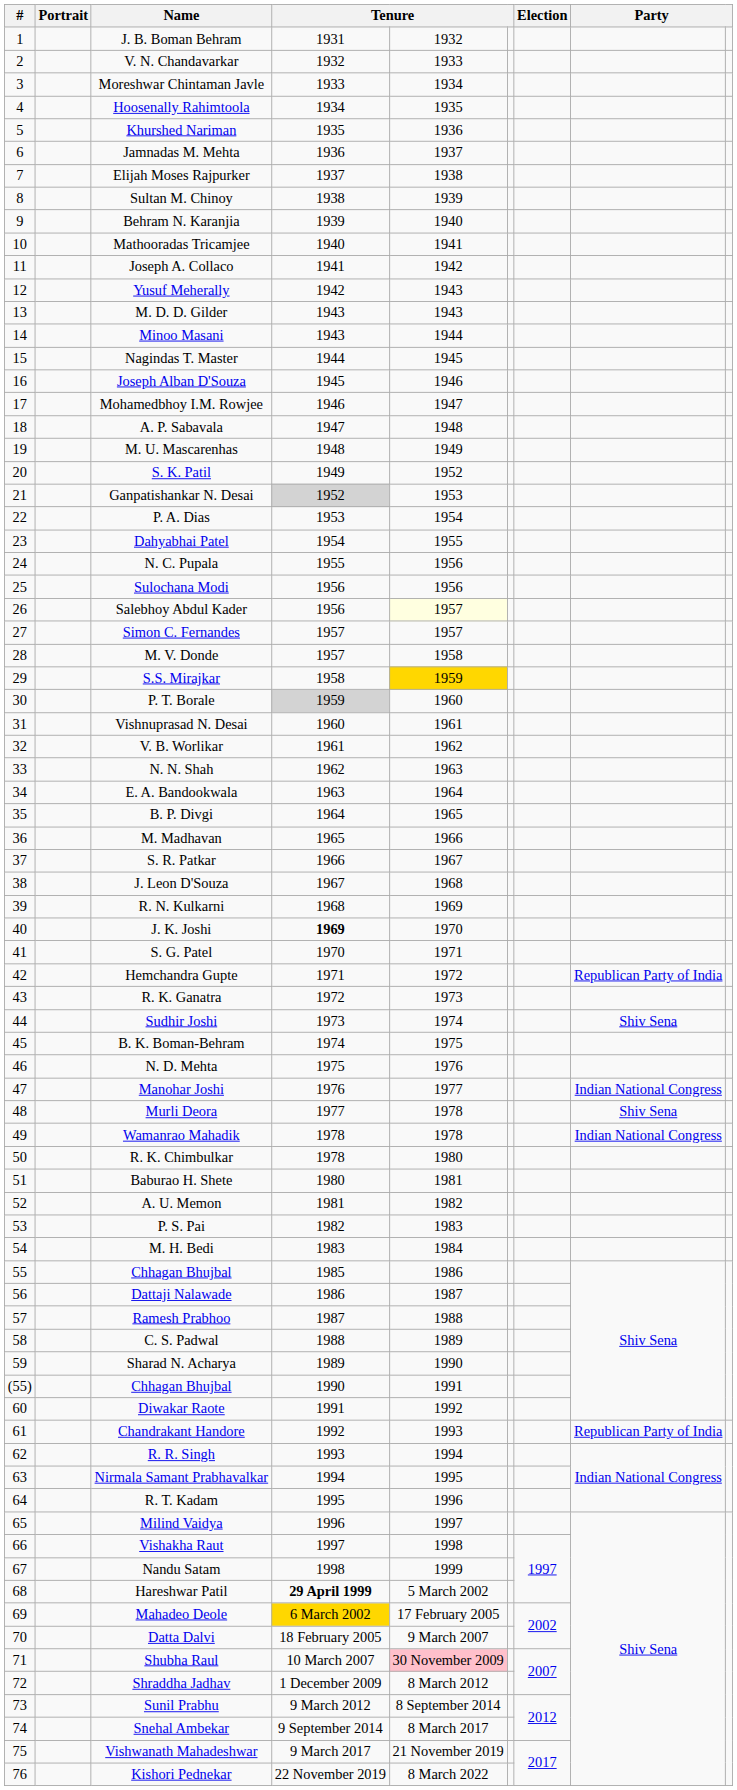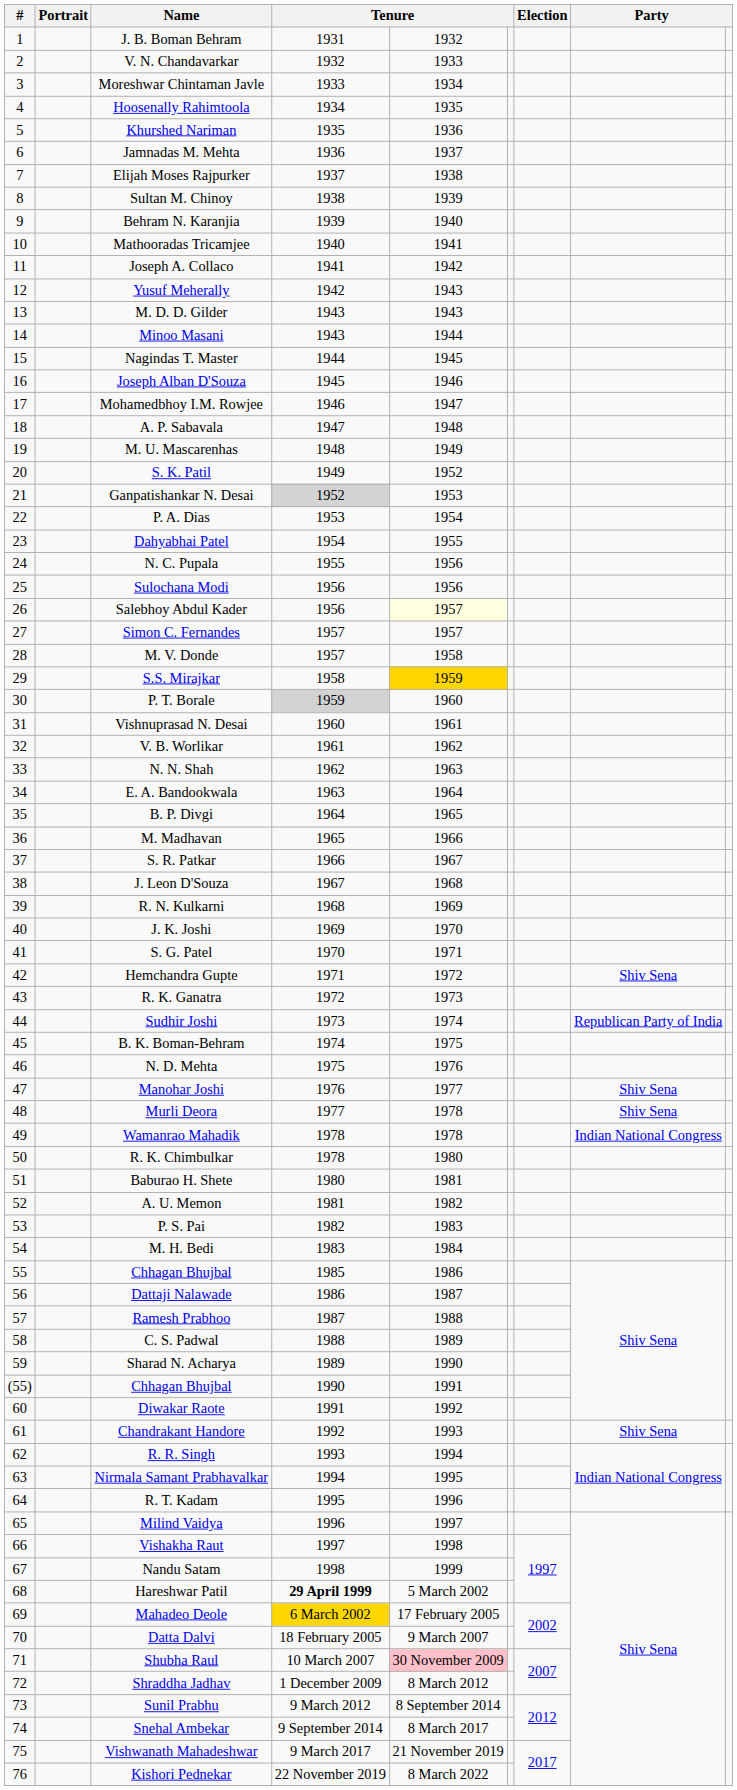 <table class="wikitable" style="text-align:center">
 <tr>
 <th>#</th>
 <th>Portrait</th>
 <th>Name</th>
 <th colspan="3">Tenure</th>
 <th>Election</th>
 <th colspan="2">Party</th>
 </tr>
 <tr>
 <td>1</td>
 <td></td>
 <td>J. B. Boman Behram</td>
 <td>1931</td>
 <td>1932</td>
 <td></td>
 <td></td>
 <td></td>
 <td></td>
 </tr>
 <tr>
 <td>2</td>
 <td></td>
 <td>V. N. Chandavarkar</td>
 <td>1932</td>
 <td>1933</td>
 <td></td>
 <td></td>
 <td></td>
 <td></td>
 </tr>
 <tr>
 <td>3</td>
 <td></td>
 <td>Moreshwar Chintaman Javle</td>
 <td>1933</td>
 <td>1934</td>
 <td></td>
 <td></td>
 <td></td>
 <td></td>
 </tr>
 <tr>
 <td>4</td>
 <td></td>
 <td><a href='#'>Hoosenally Rahimtoola</a></td>
 <td>1934</td>
 <td>1935</td>
 <td></td>
 <td></td>
 <td></td>
 <td></td>
 </tr>
 <tr>
 <td>5</td>
 <td></td>
 <td><a href='#'>Khurshed Nariman</a></td>
 <td>1935</td>
 <td>1936</td>
 <td></td>
 <td></td>
 <td></td>
 <td></td>
 </tr>
 <tr>
 <td>6</td>
 <td></td>
 <td>Jamnadas M. Mehta</td>
 <td>1936</td>
 <td>1937</td>
 <td></td>
 <td></td>
 <td></td>
 <td></td>
 </tr>
 <tr>
 <td>7</td>
 <td></td>
 <td>Elijah Moses Rajpurker</td>
 <td>1937</td>
 <td>1938</td>
 <td></td>
 <td></td>
 <td></td>
 <td></td>
 </tr>
 <tr>
 <td>8</td>
 <td></td>
 <td>Sultan M. Chinoy</td>
 <td>1938</td>
 <td>1939</td>
 <td></td>
 <td></td>
 <td></td>
 <td></td>
 </tr>
 <tr>
 <td>9</td>
 <td></td>
 <td>Behram N. Karanjia</td>
 <td>1939</td>
 <td>1940</td>
 <td></td>
 <td></td>
 <td></td>
 <td></td>
 </tr>
 <tr>
 <td>10</td>
 <td></td>
 <td>Mathooradas Tricamjee</td>
 <td>1940</td>
 <td>1941</td>
 <td></td>
 <td></td>
 <td></td>
 <td></td>
 </tr>
 <tr>
 <td>11</td>
 <td></td>
 <td>Joseph A. Collaco</td>
 <td>1941</td>
 <td>1942</td>
 <td></td>
 <td></td>
 <td></td>
 <td></td>
 </tr>
 <tr>
 <td>12</td>
 <td></td>
 <td><a href='#'>Yusuf Meherally</a></td>
 <td>1942</td>
 <td>1943</td>
 <td></td>
 <td></td>
 <td></td>
 <td></td>
 </tr>
 <tr>
 <td>13</td>
 <td></td>
 <td>M. D. D. Gilder</td>
 <td>1943</td>
 <td>1943</td>
 <td></td>
 <td></td>
 <td></td>
 <td></td>
 </tr>
 <tr>
 <td>14</td>
 <td></td>
 <td><a href='#'>Minoo Masani</a></td>
 <td>1943</td>
 <td>1944</td>
 <td></td>
 <td></td>
 <td></td>
 <td></td>
 </tr>
 <tr>
 <td>15</td>
 <td></td>
 <td>Nagindas T. Master</td>
 <td>1944</td>
 <td>1945</td>
 <td></td>
 <td></td>
 <td></td>
 <td></td>
 </tr>
 <tr>
 <td>16</td>
 <td></td>
 <td><a href='#'>Joseph Alban D'Souza</a></td>
 <td>1945</td>
 <td>1946</td>
 <td></td>
 <td></td>
 <td></td>
 <td></td>
 </tr>
 <tr>
 <td>17</td>
 <td></td>
 <td>Mohamedbhoy I.M. Rowjee</td>
 <td>1946</td>
 <td>1947</td>
 <td></td>
 <td></td>
 <td></td>
 <td></td>
 </tr>
 <tr>
 <td>18</td>
 <td></td>
 <td>A. P. Sabavala</td>
 <td>1947</td>
 <td>1948</td>
 <td></td>
 <td></td>
 <td></td>
 <td></td>
 </tr>
 <tr>
 <td>19</td>
 <td></td>
 <td>M. U. Mascarenhas</td>
 <td>1948</td>
 <td>1949</td>
 <td></td>
 <td></td>
 <td></td>
 <td></td>
 </tr>
 <tr>
 <td>20</td>
 <td></td>
 <td><a href='#'>S. K. Patil</a></td>
 <td>1949</td>
 <td>1952</td>
 <td></td>
 <td></td>
 <td></td>
 <td></td>
 </tr>
 <tr>
 <td>21</td>
 <td></td>
 <td>Ganpatishankar N. Desai</td>
 <td style="background: lightgrey;">1952</td>
 <td>1953</td>
 <td></td>
 <td></td>
 <td></td>
 <td></td>
 </tr>
 <tr>
 <td>22</td>
 <td></td>
 <td>P. A. Dias</td>
 <td>1953</td>
 <td>1954</td>
 <td></td>
 <td></td>
 <td></td>
 <td></td>
 </tr>
 <tr>
 <td>23</td>
 <td></td>
 <td><a href='#'>Dahyabhai Patel</a></td>
 <td>1954</td>
 <td>1955</td>
 <td></td>
 <td></td>
 <td></td>
 <td></td>
 </tr>
 <tr>
 <td>24</td>
 <td></td>
 <td>N. C. Pupala</td>
 <td>1955</td>
 <td>1956</td>
 <td></td>
 <td></td>
 <td></td>
 <td></td>
 </tr>
 <tr>
 <td>25</td>
 <td></td>
 <td><a href='#'>Sulochana Modi</a></td>
 <td>1956</td>
 <td>1956</td>
 <td></td>
 <td></td>
 <td></td>
 <td></td>
 </tr>
 <tr>
 <td>26</td>
 <td></td>
 <td>Salebhoy Abdul Kader</td>
 <td>1956</td>
 <td style="background: lightyellow;">1957</td>
 <td></td>
 <td></td>
 <td></td>
 <td></td>
 </tr>
 <tr>
 <td>27</td>
 <td></td>
 <td><a href='#'>Simon C. Fernandes</a></td>
 <td>1957</td>
 <td>1957</td>
 <td></td>
 <td></td>
 <td></td>
 <td></td>
 </tr>
 <tr>
 <td>28</td>
 <td></td>
 <td>M. V. Donde</td>
 <td>1957</td>
 <td>1958</td>
 <td></td>
 <td></td>
 <td></td>
 <td></td>
 </tr>
 <tr>
 <td>29</td>
 <td></td>
 <td><a href='#'>S.S. Mirajkar</a></td>
 <td>1958</td>
 <td style="background: gold;">1959</td>
 <td></td>
 <td></td>
 <td></td>
 <td></td>
 </tr>
 <tr>
 <td>30</td>
 <td></td>
 <td>P. T. Borale</td>
 <td style="background: lightgrey;">1959</td>
 <td>1960</td>
 <td></td>
 <td></td>
 <td></td>
 <td></td>
 </tr>
 <tr>
 <td>31</td>
 <td></td>
 <td>Vishnuprasad N. Desai</td>
 <td>1960</td>
 <td>1961</td>
 <td></td>
 <td></td>
 <td></td>
 <td></td>
 </tr>
 <tr>
 <td>32</td>
 <td></td>
 <td>V. B. Worlikar</td>
 <td>1961</td>
 <td>1962</td>
 <td></td>
 <td></td>
 <td></td>
 <td></td>
 </tr>
 <tr>
 <td>33</td>
 <td></td>
 <td>N. N. Shah</td>
 <td>1962</td>
 <td>1963</td>
 <td></td>
 <td></td>
 <td></td>
 <td></td>
 </tr>
 <tr>
 <td>34</td>
 <td></td>
 <td>E. A. Bandookwala</td>
 <td>1963</td>
 <td>1964</td>
 <td></td>
 <td></td>
 <td></td>
 <td></td>
 </tr>
 <tr>
 <td>35</td>
 <td></td>
 <td>B. P. Divgi</td>
 <td>1964</td>
 <td>1965</td>
 <td></td>
 <td></td>
 <td></td>
 <td></td>
 </tr>
 <tr>
 <td>36</td>
 <td></td>
 <td>M. Madhavan</td>
 <td>1965</td>
 <td>1966</td>
 <td></td>
 <td></td>
 <td></td>
 <td></td>
 </tr>
 <tr>
 <td>37</td>
 <td></td>
 <td>S. R. Patkar</td>
 <td>1966</td>
 <td>1967</td>
 <td></td>
 <td></td>
 <td></td>
 <td></td>
 </tr>
 <tr>
 <td>38</td>
 <td></td>
 <td>J. Leon D'Souza</td>
 <td>1967</td>
 <td>1968</td>
 <td></td>
 <td></td>
 <td></td>
 <td></td>
 </tr>
 <tr>
 <td>39</td>
 <td></td>
 <td>R. N. Kulkarni</td>
 <td>1968</td>
 <td>1969</td>
 <td></td>
 <td></td>
 <td></td>
 <td></td>
 </tr>
 <tr>
 <td>40</td>
 <td></td>
 <td>J. K. Joshi</td>
-<td><strong>1969</strong></td>
+<td>1969</td>
 <td>1970</td>
 <td></td>
 <td></td>
 <td></td>
 <td></td>
 </tr>
 <tr>
 <td>41</td>
 <td></td>
 <td>S. G. Patel</td>
 <td>1970</td>
 <td>1971</td>
 <td></td>
 <td></td>
 <td></td>
 <td></td>
 </tr>
 <tr>
 <td>42</td>
 <td></td>
 <td>Hemchandra Gupte</td>
 <td>1971</td>
 <td>1972</td>
 <td></td>
 <td></td>
-<td><a href='#'>Republican Party of India</a></td>
+<td><a href='#'>Shiv Sena</a></td>
 <td style="background-color: "></td>
 </tr>
 <tr>
 <td>43</td>
 <td></td>
 <td>R. K. Ganatra</td>
 <td>1972</td>
 <td>1973</td>
 <td></td>
 <td></td>
 <td></td>
 <td></td>
 </tr>
 <tr>
 <td>44</td>
 <td></td>
 <td><a href='#'>Sudhir Joshi</a></td>
 <td>1973</td>
 <td>1974</td>
 <td></td>
 <td></td>
-<td><a href='#'>Shiv Sena</a></td>
+<td><a href='#'>Republican Party of India</a></td>
 <td style="background-color: "></td>
 </tr>
 <tr>
 <td>45</td>
 <td></td>
 <td>B. K. Boman-Behram</td>
 <td>1974</td>
 <td>1975</td>
 <td></td>
 <td></td>
 <td></td>
 <td></td>
 </tr>
 <tr>
 <td>46</td>
 <td></td>
 <td>N. D. Mehta</td>
 <td>1975</td>
 <td>1976</td>
 <td></td>
 <td></td>
 <td></td>
 <td></td>
 </tr>
 <tr>
 <td>47</td>
 <td></td>
 <td><a href='#'>Manohar Joshi</a></td>
 <td>1976</td>
 <td>1977</td>
 <td></td>
 <td></td>
-<td><a href='#'>Indian National Congress</a></td>
+<td><a href='#'>Shiv Sena</a></td>
 <td style="background-color: "></td>
 </tr>
 <tr>
 <td>48</td>
 <td></td>
 <td><a href='#'>Murli Deora</a></td>
 <td>1977</td>
 <td>1978</td>
 <td></td>
 <td></td>
 <td><a href='#'>Shiv Sena</a></td>
 <td style="background-color: "></td>
 </tr>
 <tr>
 <td>49</td>
 <td></td>
 <td><a href='#'>Wamanrao Mahadik</a></td>
 <td>1978</td>
 <td>1978</td>
 <td></td>
 <td></td>
 <td><a href='#'>Indian National Congress</a></td>
 <td style="background-color: "></td>
 </tr>
 <tr>
 <td>50</td>
 <td></td>
 <td>R. K. Chimbulkar</td>
 <td>1978</td>
 <td>1980</td>
 <td></td>
 <td></td>
 <td></td>
 <td></td>
 </tr>
 <tr>
 <td>51</td>
 <td></td>
 <td>Baburao H. Shete</td>
 <td>1980</td>
 <td>1981</td>
 <td></td>
 <td></td>
 <td></td>
 <td></td>
 </tr>
 <tr>
 <td>52</td>
 <td></td>
 <td>A. U. Memon</td>
 <td>1981</td>
 <td>1982</td>
 <td></td>
 <td></td>
 <td></td>
 <td></td>
 </tr>
 <tr>
 <td>53</td>
 <td></td>
 <td>P. S. Pai</td>
 <td>1982</td>
 <td>1983</td>
 <td></td>
 <td></td>
 <td></td>
 <td></td>
 </tr>
 <tr>
 <td>54</td>
 <td></td>
 <td>M. H. Bedi</td>
 <td>1983</td>
 <td>1984</td>
 <td></td>
 <td></td>
 <td></td>
 <td></td>
 </tr>
 <tr>
 <td>55</td>
 <td></td>
 <td><a href='#'>Chhagan Bhujbal</a></td>
 <td>1985</td>
 <td>1986</td>
 <td></td>
 <td></td>
 <td rowspan="7"><a href='#'>Shiv Sena</a></td>
 <td rowspan="7" style="background-color: "></td>
 </tr>
 <tr>
 <td>56</td>
 <td></td>
 <td><a href='#'>Dattaji Nalawade</a></td>
 <td>1986</td>
 <td>1987</td>
 <td></td>
 <td></td>
 </tr>
 <tr>
 <td>57</td>
 <td></td>
 <td><a href='#'>Ramesh Prabhoo</a></td>
 <td>1987</td>
 <td>1988</td>
 <td></td>
 <td></td>
 </tr>
 <tr>
 <td>58</td>
 <td></td>
 <td>C. S. Padwal</td>
 <td>1988</td>
 <td>1989</td>
 <td></td>
 <td></td>
 </tr>
 <tr>
 <td>59</td>
 <td></td>
 <td>Sharad N. Acharya</td>
 <td>1989</td>
 <td>1990</td>
 <td></td>
 <td></td>
 </tr>
 <tr>
 <td>(55)</td>
 <td></td>
 <td><a href='#'>Chhagan Bhujbal</a></td>
 <td>1990</td>
 <td>1991</td>
 <td></td>
 <td></td>
 </tr>
 <tr>
 <td>60</td>
 <td></td>
 <td><a href='#'>Diwakar Raote</a></td>
 <td>1991</td>
 <td>1992</td>
 <td></td>
 <td></td>
 </tr>
 <tr>
 <td>61</td>
 <td></td>
 <td><a href='#'>Chandrakant Handore</a></td>
 <td>1992</td>
 <td>1993</td>
 <td></td>
 <td></td>
-<td><a href='#'>Republican Party of India</a></td>
+<td><a href='#'>Shiv Sena</a></td>
 <td style="background-color: "></td>
 </tr>
 <tr>
 <td>62</td>
 <td></td>
 <td><a href='#'>R. R. Singh</a></td>
 <td>1993</td>
 <td>1994</td>
 <td></td>
 <td></td>
 <td rowspan="3"><a href='#'>Indian National Congress</a></td>
 <td rowspan="3" style="background-color: "></td>
 </tr>
 <tr>
 <td>63</td>
 <td></td>
 <td><a href='#'>Nirmala Samant Prabhavalkar</a></td>
 <td>1994</td>
 <td>1995</td>
 <td></td>
 <td></td>
 </tr>
 <tr>
 <td>64</td>
 <td></td>
 <td>R. T. Kadam</td>
 <td>1995</td>
 <td>1996</td>
 <td></td>
 <td></td>
 </tr>
 <tr>
 <td>65</td>
 <td></td>
 <td><a href='#'>Milind Vaidya</a></td>
 <td>1996</td>
 <td>1997</td>
 <td></td>
 <td></td>
 <td rowspan="12"><a href='#'>Shiv Sena</a></td>
 <td rowspan="12" style="background-color: "></td>
 </tr>
 <tr>
 <td>66</td>
 <td></td>
 <td><a href='#'>Vishakha Raut</a></td>
 <td>1997</td>
 <td>1998</td>
 <td></td>
 <td rowspan="3"><a href='#'>1997</a></td>
 </tr>
 <tr>
 <td>67</td>
 <td></td>
 <td>Nandu Satam</td>
 <td>1998</td>
 <td>1999</td>
 <td></td>
 </tr>
 <tr>
 <td>68</td>
 <td></td>
 <td>Hareshwar Patil</td>
 <td><strong>29 April 1999</strong></td>
 <td>5 March 2002</td>
 <td></td>
 </tr>
 <tr>
 <td>69</td>
 <td></td>
 <td><a href='#'>Mahadeo Deole</a></td>
 <td style="background: gold;">6 March 2002</td>
 <td>17 February 2005</td>
 <td></td>
 <td rowspan="2"><a href='#'>2002</a></td>
 </tr>
 <tr>
 <td>70</td>
 <td></td>
 <td><a href='#'>Datta Dalvi</a></td>
 <td>18 February 2005</td>
 <td>9 March 2007</td>
 <td></td>
 </tr>
 <tr>
 <td>71</td>
 <td></td>
 <td><a href='#'>Shubha Raul</a></td>
 <td>10 March 2007</td>
 <td style="background: pink;">30 November 2009</td>
 <td></td>
 <td rowspan="2"><a href='#'>2007</a></td>
 </tr>
 <tr>
 <td>72</td>
 <td></td>
 <td><a href='#'>Shraddha Jadhav</a></td>
 <td>1 December 2009</td>
 <td>8 March 2012</td>
 <td></td>
 </tr>
 <tr>
 <td>73</td>
 <td></td>
 <td><a href='#'>Sunil Prabhu</a></td>
 <td>9 March 2012</td>
 <td>8 September 2014</td>
 <td></td>
 <td rowspan="2"><a href='#'>2012</a></td>
 </tr>
 <tr>
 <td>74</td>
 <td></td>
 <td><a href='#'>Snehal Ambekar</a></td>
 <td>9 September 2014</td>
 <td>8 March 2017</td>
 <td></td>
 </tr>
 <tr>
 <td>75</td>
 <td></td>
 <td><a href='#'>Vishwanath Mahadeshwar</a></td>
 <td>9 March 2017</td>
 <td>21 November 2019</td>
 <td></td>
 <td rowspan="2"><a href='#'>2017</a></td>
 </tr>
 <tr>
 <td>76</td>
 <td></td>
 <td><a href='#'>Kishori Pednekar</a></td>
 <td>22 November 2019</td>
 <td>8 March 2022</td>
 <td></td>
 </tr>
 </table>
